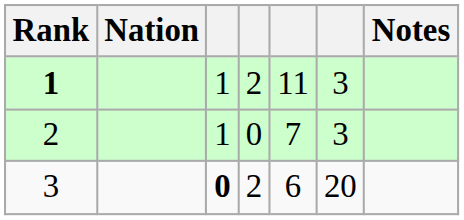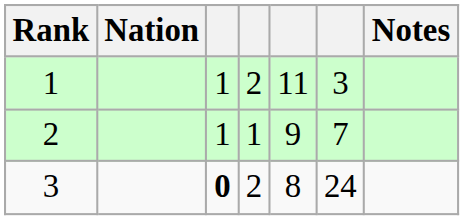 <table class="wikitable sortable" style="text-align: center;">
 <tr>
 <th>Rank</th>
 <th>Nation</th>
 <th></th>
 <th></th>
 <th></th>
 <th></th>
 <th>Notes</th>
 </tr>
 <tr style="background:#cfc;">
-<td><strong>1</strong></td>
+<td>1</td>
 <td align=left></td>
 <td>1</td>
 <td>2</td>
 <td>11</td>
 <td>3</td>
 <td></td>
 </tr>
 <tr style="background:#cfc;">
 <td>2</td>
 <td align=left></td>
 <td>1</td>
-<td>0</td>
+<td>1</td>
+<td>9</td>
 <td>7</td>
-<td>3</td>
 <td></td>
 </tr>
 <tr>
 <td>3</td>
 <td align=left></td>
 <td><strong>0</strong></td>
 <td>2</td>
-<td>6</td>
-<td>20</td>
+<td>8</td>
+<td>24</td>
 <td></td>
 </tr>
 </table>
